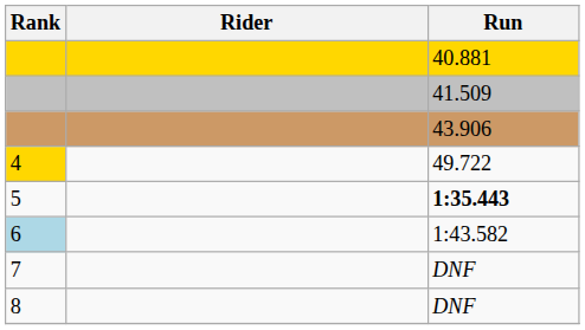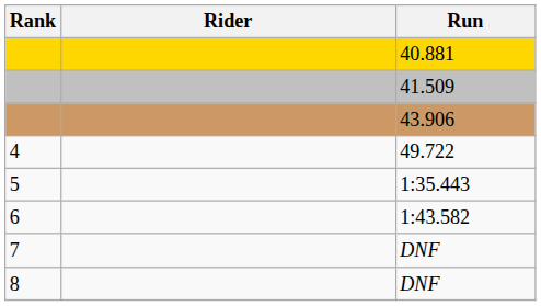 <table class="wikitable" style="font-size:95%" style="text-align:center">
 <tr>
 <th>Rank</th>
 <th width=250>Rider</th>
 <th width=100>Run</th>
 </tr>
 <tr bgcolor=gold>
 <td></td>
 <td align=left></td>
 <td>40.881</td>
 </tr>
 <tr bgcolor=silver>
 <td></td>
 <td align=left></td>
 <td>41.509</td>
 </tr>
 <tr bgcolor=cc9966>
 <td></td>
 <td align=left></td>
 <td>43.906</td>
 </tr>
 <tr>
-<td style="background: gold;">4</td>
+<td>4</td>
 <td align=left></td>
 <td>49.722</td>
 </tr>
 <tr>
 <td>5</td>
 <td align=left></td>
-<td><strong>1:35.443</strong></td>
+<td>1:35.443</td>
 </tr>
 <tr>
-<td style="background: lightblue;">6</td>
+<td>6</td>
 <td align=left></td>
 <td>1:43.582</td>
 </tr>
 <tr>
 <td>7</td>
 <td align=left></td>
 <td><em>DNF</em></td>
 </tr>
 <tr>
 <td>8</td>
 <td align=left></td>
 <td><em>DNF</em></td>
 </tr>
 <tr>
 </tr>
 </table>
